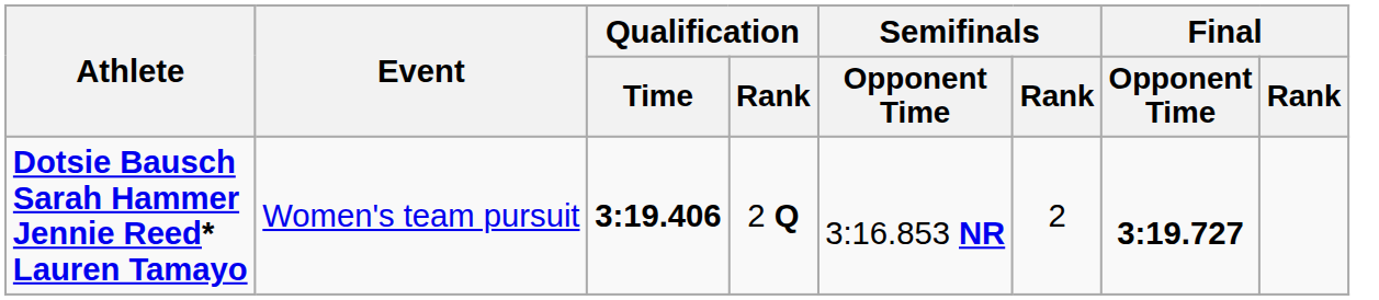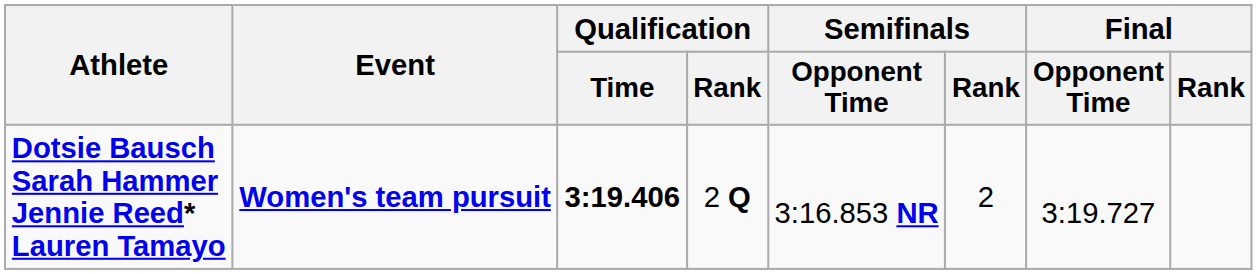 <table class=wikitable style=font-size:90%;text-align:center>
 <tr>
 <th rowspan=2>Athlete</th>
 <th rowspan=2>Event</th>
 <th colspan=2>Qualification</th>
 <th colspan=2>Semifinals</th>
 <th colspan=2>Final</th>
 </tr>
 <tr style=font-size:95%>
 <th>Time</th>
 <th>Rank</th>
 <th>Opponent<br>Time</th>
 <th>Rank</th>
 <th>Opponent<br>Time</th>
 <th>Rank</th>
 </tr>
 <tr>
 <td align=left><strong><a href='#'>Dotsie Bausch</a><br><a href='#'>Sarah Hammer</a><br><a href='#'>Jennie Reed</a>*<br><a href='#'>Lauren Tamayo</a></strong></td>
-<td align=left><a href='#'>Women's team pursuit</a></td>
+<td align=left><strong><a href='#'>Women's team pursuit</a></strong></td>
 <td><strong>3:19.406</strong></td>
 <td>2 <strong>Q</strong></td>
 <td><br>3:16.853 <strong><a href='#'>NR</a></strong></td>
 <td>2</td>
-<td><strong><br>3:19.727</strong></td>
+<td><br>3:19.727</td>
 <td></td>
 </tr>
 </table>
